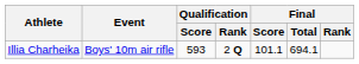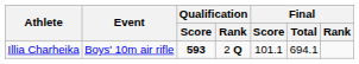 <table class="wikitable" style="font-size:90%">
 <tr>
 <th rowspan="2">Athlete</th>
 <th rowspan="2">Event</th>
 <th colspan="2">Qualification</th>
 <th colspan="3">Final</th>
 </tr>
 <tr>
 <th>Score</th>
 <th>Rank</th>
 <th>Score</th>
 <th>Total</th>
 <th>Rank</th>
 </tr>
 <tr>
 <td><a href='#'>Illia Charheika</a></td>
 <td><a href='#'>Boys' 10m air rifle</a></td>
-<td align=center>593</td>
+<td align=center><strong>593</strong></td>
 <td align=center>2 <strong>Q</strong></td>
 <td align=center>101.1</td>
 <td align=center>694.1</td>
 <td align=center></td>
 </tr>
 </table>
